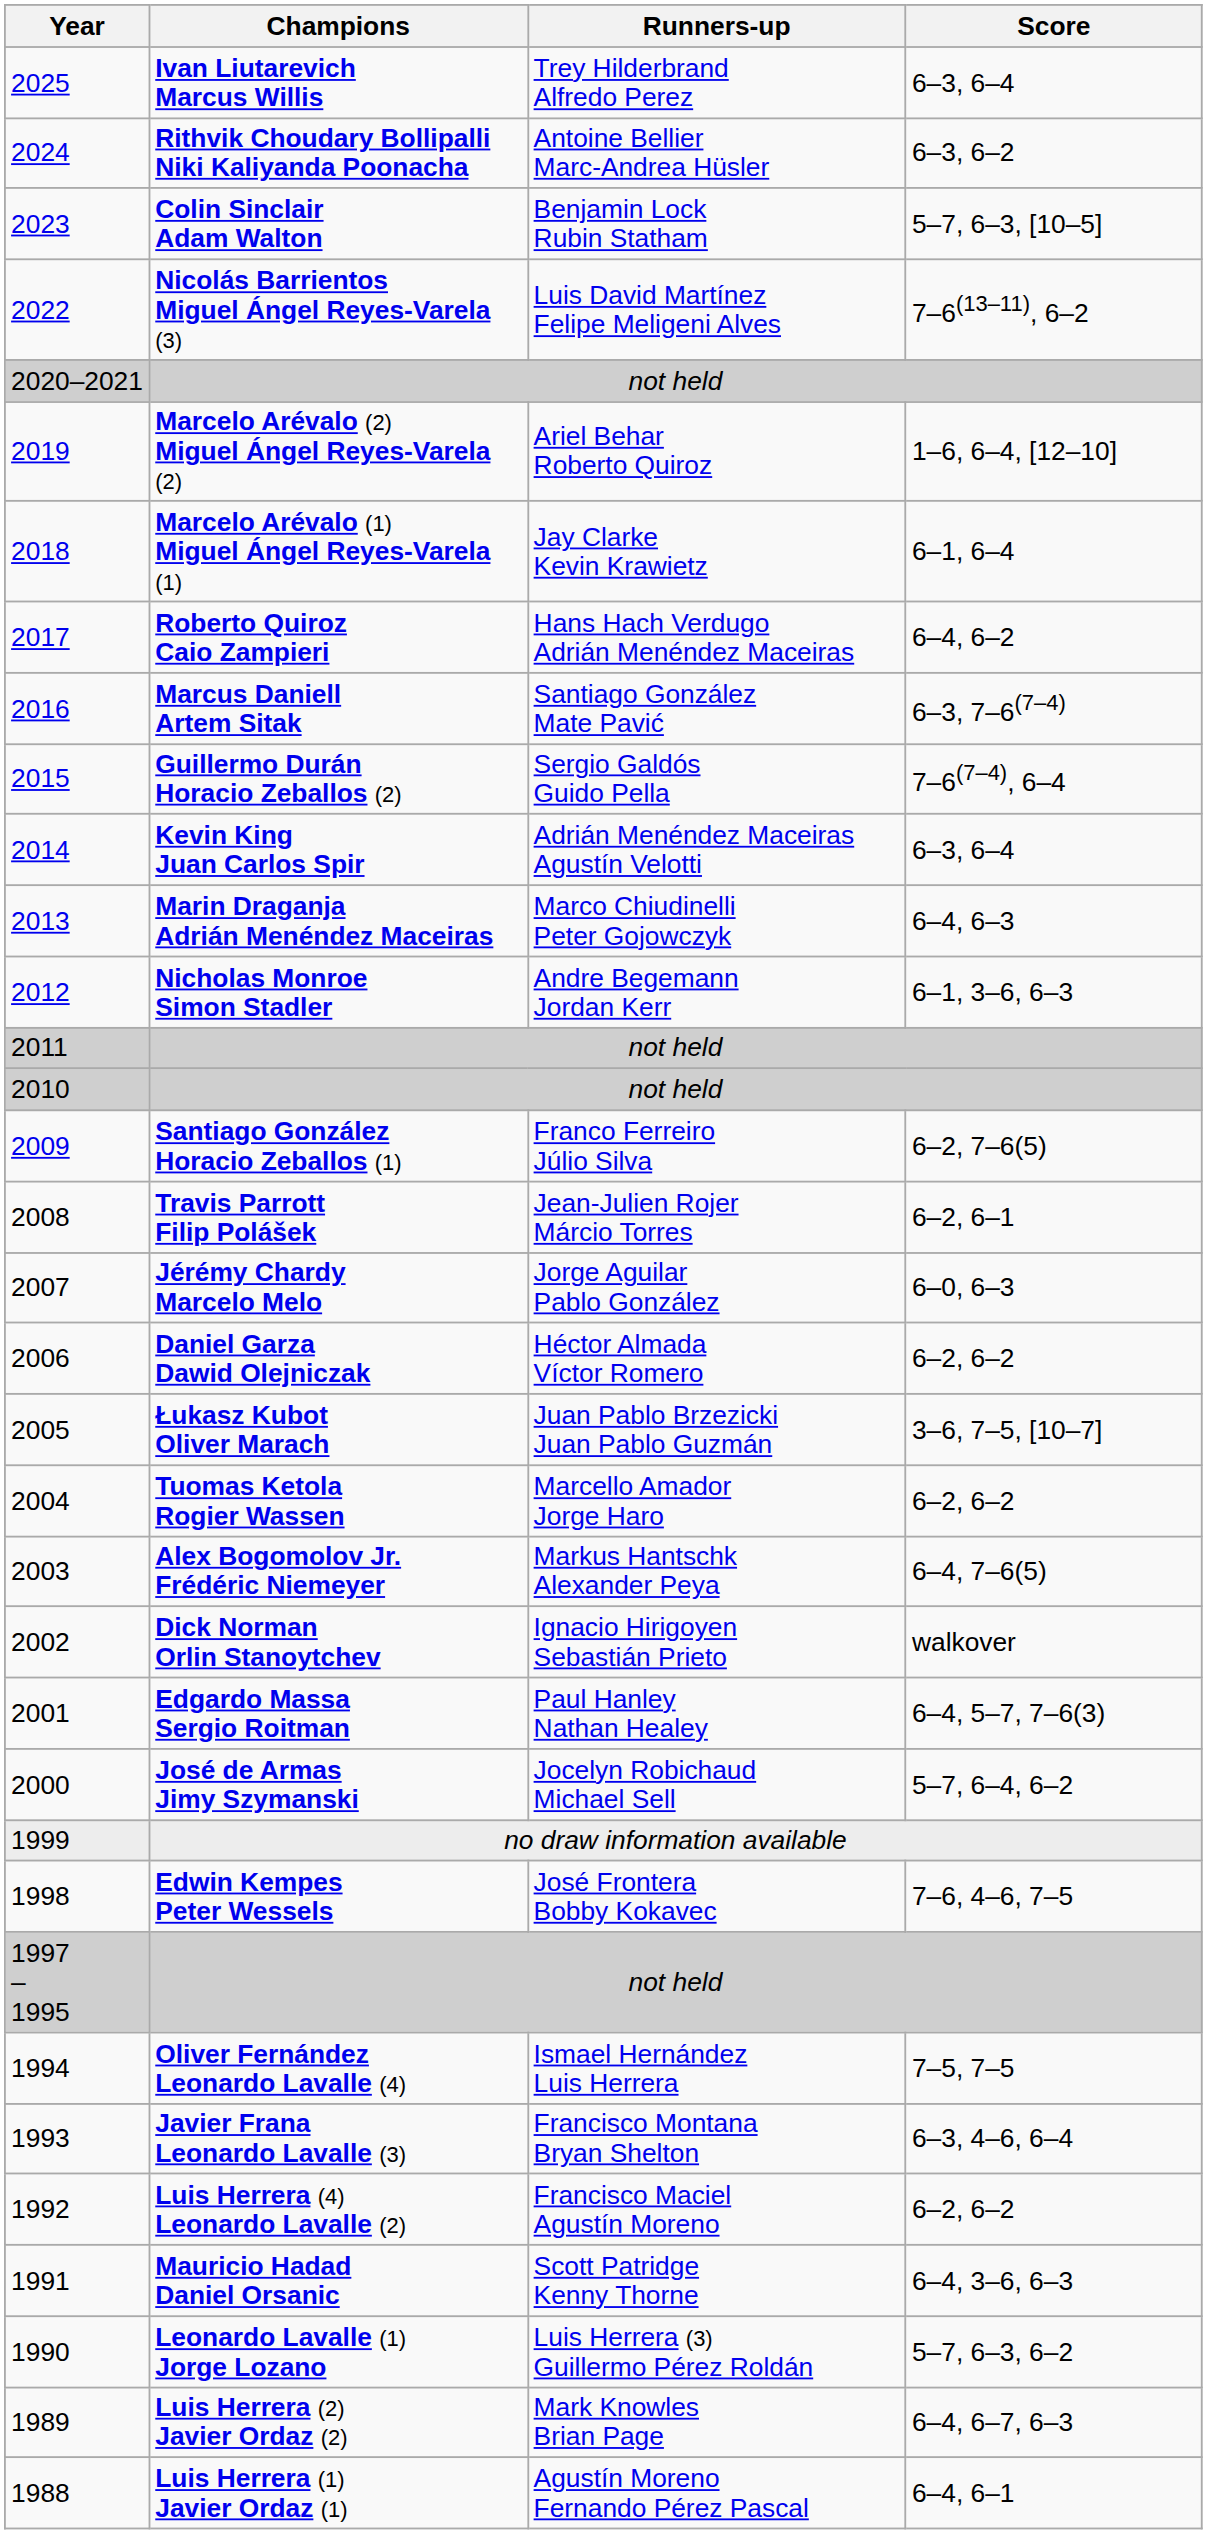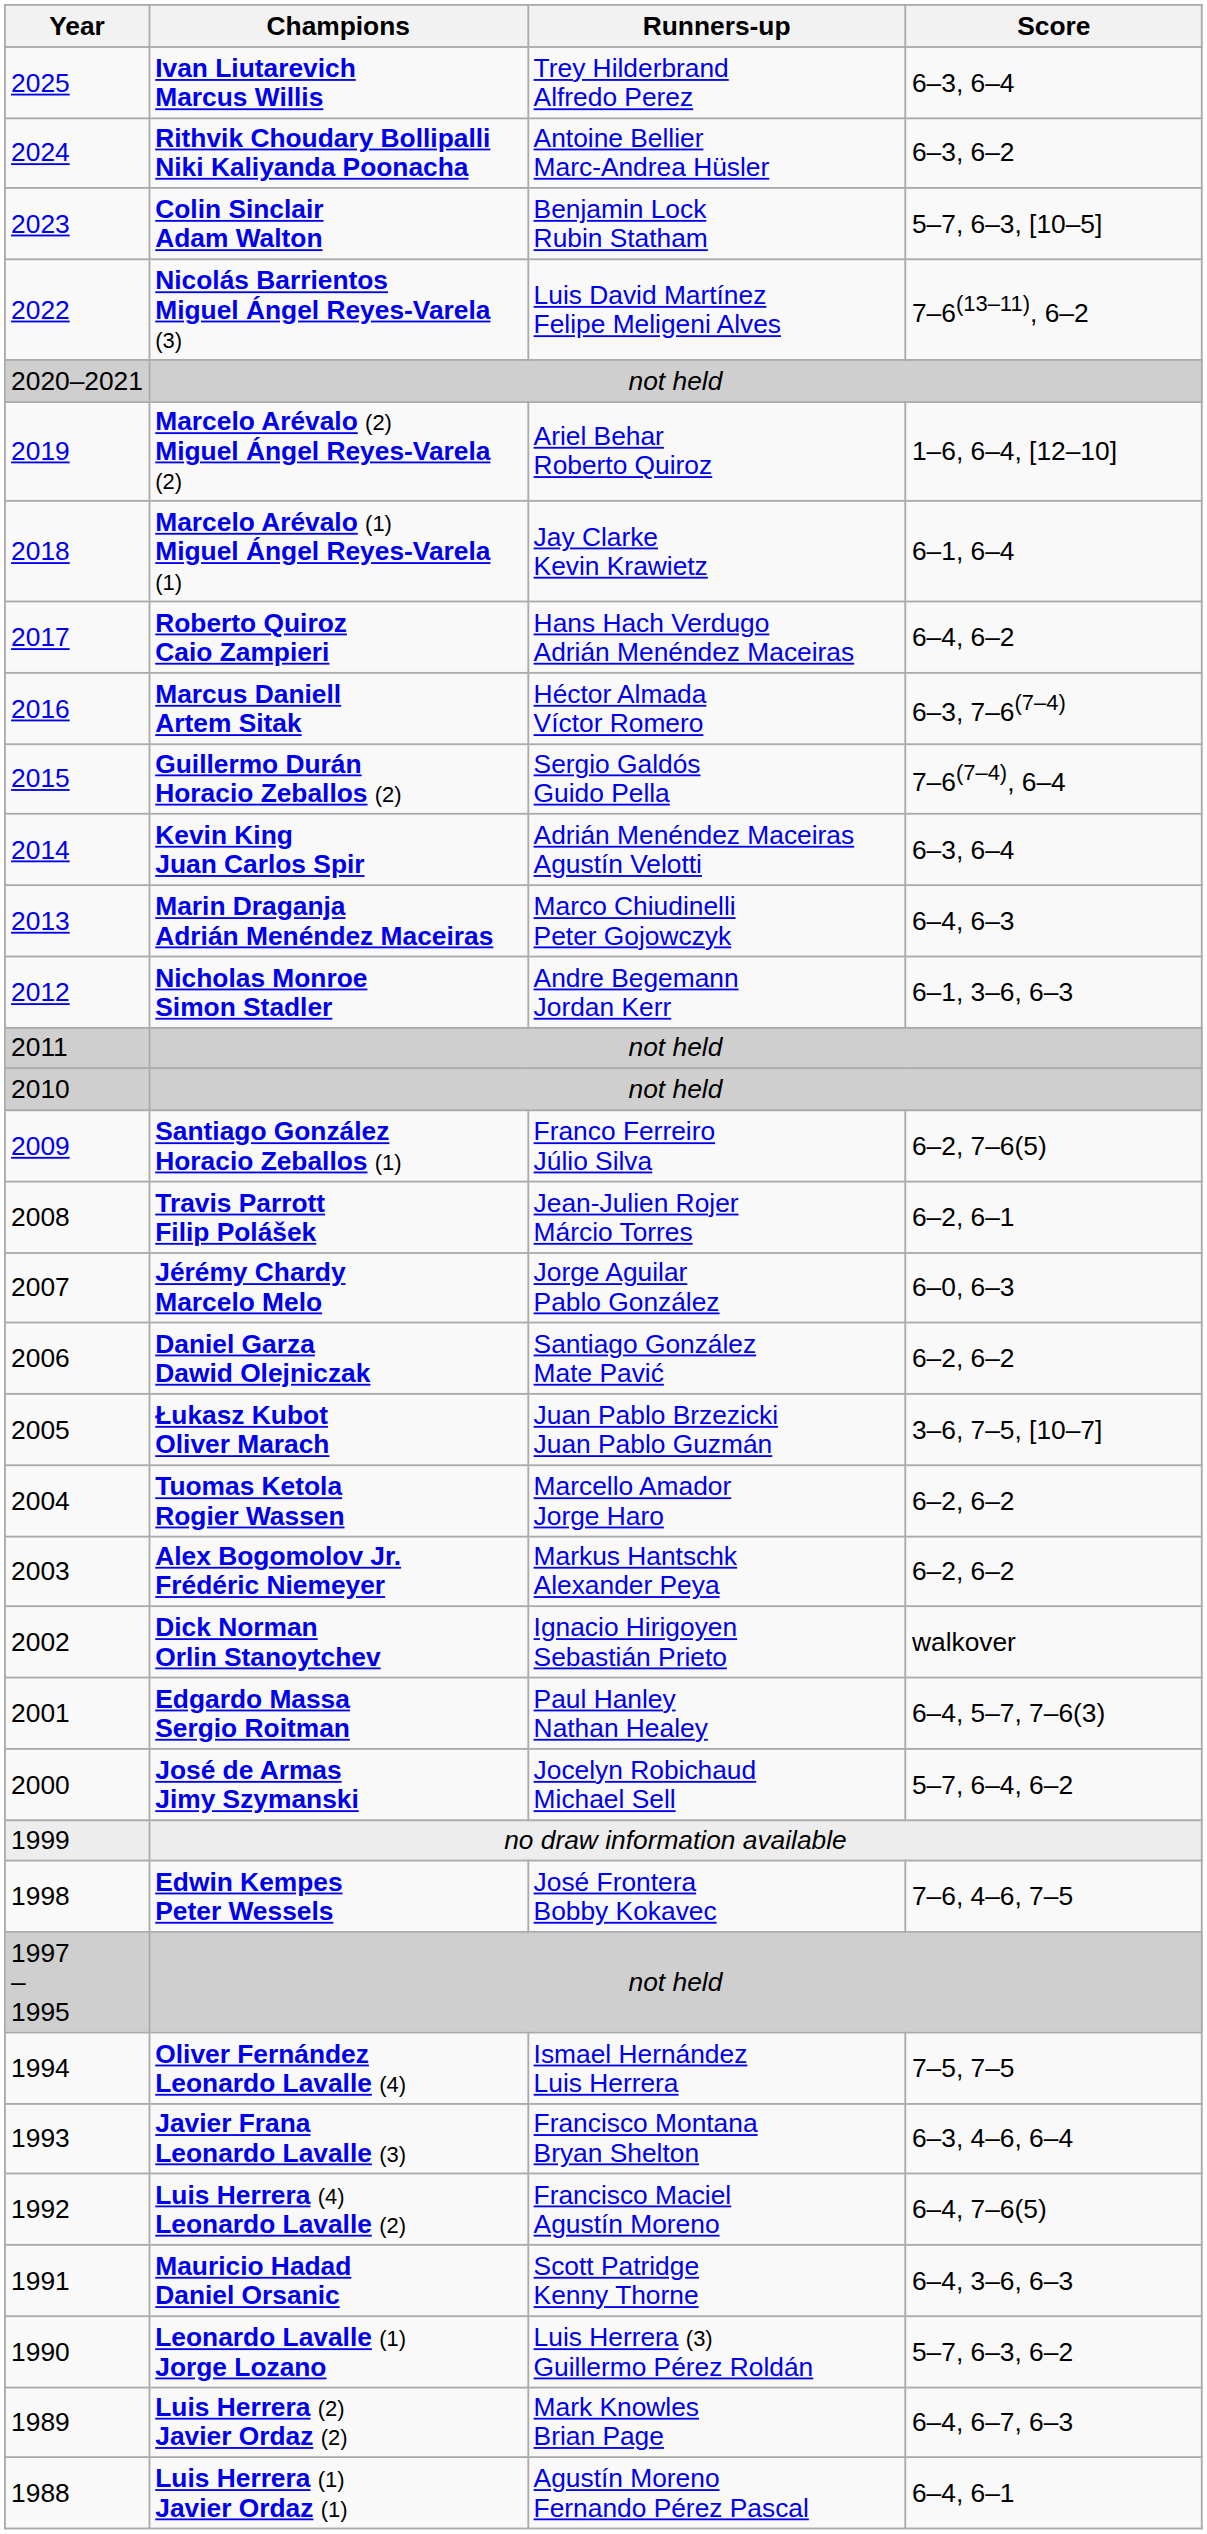 <table class="wikitable" style="font-size:90%">
 <tr>
 <th>Year</th>
 <th width="200">Champions</th>
 <th width="200">Runners-up</th>
 <th width="155">Score</th>
 </tr>
 <tr>
 <td><a href='#'>2025</a></td>
 <td> <strong><a href='#'>Ivan Liutarevich</a></strong><br> <strong><a href='#'>Marcus Willis</a></strong></td>
 <td> <a href='#'>Trey Hilderbrand</a><br> <a href='#'>Alfredo Perez</a></td>
 <td>6–3, 6–4</td>
 </tr>
 <tr>
 <td><a href='#'>2024</a></td>
 <td> <strong><a href='#'>Rithvik Choudary Bollipalli</a></strong><br> <strong><a href='#'>Niki Kaliyanda Poonacha</a></strong></td>
 <td> <a href='#'>Antoine Bellier</a><br> <a href='#'>Marc-Andrea Hüsler</a></td>
 <td>6–3, 6–2</td>
 </tr>
 <tr>
 <td><a href='#'>2023</a></td>
 <td> <strong><a href='#'>Colin Sinclair</a></strong><br> <strong><a href='#'>Adam Walton</a></strong></td>
 <td> <a href='#'>Benjamin Lock</a><br> <a href='#'>Rubin Statham</a></td>
 <td>5–7, 6–3, [10–5]</td>
 </tr>
 <tr>
 <td><a href='#'>2022</a></td>
 <td> <strong><a href='#'>Nicolás Barrientos</a></strong><br> <strong><a href='#'>Miguel Ángel Reyes-Varela</a></strong> <small>(3)</small></td>
 <td> <a href='#'>Luis David Martínez</a><br> <a href='#'>Felipe Meligeni Alves</a></td>
 <td>7–6<sup>(13–11)</sup>, 6–2</td>
 </tr>
 <tr>
 <td style="background:#cfcfcf">2020–2021</td>
 <td colspan=3 align=center style="background:#cfcfcf"><em>not held</em></td>
 </tr>
 <tr>
 <td><a href='#'>2019</a></td>
 <td> <strong><a href='#'>Marcelo Arévalo</a></strong> <small>(2)</small><br> <strong><a href='#'>Miguel Ángel Reyes-Varela</a></strong> <small>(2)</small></td>
 <td> <a href='#'>Ariel Behar</a><br> <a href='#'>Roberto Quiroz</a></td>
 <td>1–6, 6–4, [12–10]</td>
 </tr>
 <tr>
 <td><a href='#'>2018</a></td>
 <td> <strong><a href='#'>Marcelo Arévalo</a></strong> <small>(1)</small><br> <strong><a href='#'>Miguel Ángel Reyes-Varela</a></strong> <small>(1)</small></td>
 <td> <a href='#'>Jay Clarke</a><br> <a href='#'>Kevin Krawietz</a></td>
 <td>6–1, 6–4</td>
 </tr>
 <tr>
 <td><a href='#'>2017</a></td>
 <td> <strong><a href='#'>Roberto Quiroz</a></strong><br> <strong><a href='#'>Caio Zampieri</a></strong></td>
 <td> <a href='#'>Hans Hach Verdugo</a><br> <a href='#'>Adrián Menéndez Maceiras</a></td>
 <td>6–4, 6–2</td>
 </tr>
 <tr>
 <td><a href='#'>2016</a></td>
 <td> <strong><a href='#'>Marcus Daniell</a></strong><br> <strong><a href='#'>Artem Sitak</a></strong></td>
-<td> <a href='#'>Santiago González</a><br> <a href='#'>Mate Pavić</a></td>
+<td> <a href='#'>Héctor Almada</a><br> <a href='#'>Víctor Romero</a></td>
 <td>6–3, 7–6<sup>(7–4)</sup></td>
 </tr>
 <tr>
 <td><a href='#'>2015</a></td>
 <td> <strong><a href='#'>Guillermo Durán</a></strong><br>  <strong><a href='#'>Horacio Zeballos</a></strong> <small>(2)</small></td>
 <td> <a href='#'>Sergio Galdós</a><br> <a href='#'>Guido Pella</a></td>
 <td>7–6<sup>(7–4)</sup>, 6–4</td>
 </tr>
 <tr>
 <td><a href='#'>2014</a></td>
 <td> <strong><a href='#'>Kevin King</a></strong><br> <strong><a href='#'>Juan Carlos Spir</a></strong></td>
 <td> <a href='#'>Adrián Menéndez Maceiras</a><br> <a href='#'>Agustín Velotti</a></td>
 <td>6–3, 6–4</td>
 </tr>
 <tr>
 <td><a href='#'>2013</a></td>
 <td> <strong><a href='#'>Marin Draganja</a></strong> <br> <strong><a href='#'>Adrián Menéndez Maceiras</a></strong></td>
 <td> <a href='#'>Marco Chiudinelli</a> <br>  <a href='#'>Peter Gojowczyk</a></td>
 <td>6–4, 6–3</td>
 </tr>
 <tr>
 <td><a href='#'>2012</a></td>
 <td> <strong><a href='#'>Nicholas Monroe</a></strong> <br> <strong><a href='#'>Simon Stadler</a></strong></td>
 <td> <a href='#'>Andre Begemann</a> <br>  <a href='#'>Jordan Kerr</a></td>
 <td>6–1, 3–6, 6–3</td>
 </tr>
 <tr>
 <td style="background:#cfcfcf">2011</td>
 <td colspan=3 align=center style="background:#cfcfcf"><em>not held</em></td>
 </tr>
 <tr>
 <td style="background:#cfcfcf">2010</td>
 <td colspan=3 align=center style="background:#cfcfcf"><em>not held</em></td>
 </tr>
 <tr>
 <td><a href='#'>2009</a></td>
 <td> <strong><a href='#'>Santiago González</a></strong><br> <strong><a href='#'>Horacio Zeballos</a></strong> <small>(1)</small></td>
 <td> <a href='#'>Franco Ferreiro</a><br> <a href='#'>Júlio Silva</a></td>
 <td>6–2, 7–6(5)</td>
 </tr>
 <tr>
 <td>2008</td>
 <td> <strong><a href='#'>Travis Parrott</a></strong><br> <strong><a href='#'>Filip Polášek</a></strong></td>
 <td> <a href='#'>Jean-Julien Rojer</a><br> <a href='#'>Márcio Torres</a></td>
 <td>6–2, 6–1</td>
 </tr>
 <tr>
 <td>2007</td>
 <td> <strong><a href='#'>Jérémy Chardy</a></strong><br> <strong><a href='#'>Marcelo Melo</a></strong></td>
 <td> <a href='#'>Jorge Aguilar</a><br> <a href='#'>Pablo González</a></td>
 <td>6–0, 6–3</td>
 </tr>
 <tr>
 <td>2006</td>
 <td> <strong><a href='#'>Daniel Garza</a></strong><br> <strong><a href='#'>Dawid Olejniczak</a></strong></td>
-<td> <a href='#'>Héctor Almada</a><br> <a href='#'>Víctor Romero</a></td>
+<td> <a href='#'>Santiago González</a><br> <a href='#'>Mate Pavić</a></td>
 <td>6–2, 6–2</td>
 </tr>
 <tr>
 <td>2005</td>
 <td> <strong><a href='#'>Łukasz Kubot</a></strong><br> <strong><a href='#'>Oliver Marach</a></strong></td>
 <td> <a href='#'>Juan Pablo Brzezicki</a><br> <a href='#'>Juan Pablo Guzmán</a></td>
 <td>3–6, 7–5, [10–7]</td>
 </tr>
 <tr>
 <td>2004</td>
 <td> <strong><a href='#'>Tuomas Ketola</a></strong><br> <strong><a href='#'>Rogier Wassen</a></strong></td>
 <td> <a href='#'>Marcello Amador</a><br> <a href='#'>Jorge Haro</a></td>
 <td>6–2, 6–2</td>
 </tr>
 <tr>
 <td>2003</td>
 <td> <strong><a href='#'>Alex Bogomolov Jr.</a></strong><br> <strong><a href='#'>Frédéric Niemeyer</a></strong></td>
 <td> <a href='#'>Markus Hantschk</a><br> <a href='#'>Alexander Peya</a></td>
-<td>6–4, 7–6(5)</td>
+<td>6–2, 6–2</td>
 </tr>
 <tr>
 <td>2002</td>
 <td> <strong><a href='#'>Dick Norman</a></strong> <br> <strong><a href='#'>Orlin Stanoytchev</a></strong></td>
 <td> <a href='#'>Ignacio Hirigoyen</a><br> <a href='#'>Sebastián Prieto</a></td>
 <td>walkover</td>
 </tr>
 <tr>
 <td>2001</td>
 <td> <strong><a href='#'>Edgardo Massa</a></strong><br> <strong><a href='#'>Sergio Roitman</a></strong></td>
 <td> <a href='#'>Paul Hanley</a><br> <a href='#'>Nathan Healey</a></td>
 <td>6–4, 5–7, 7–6(3)</td>
 </tr>
 <tr>
 <td>2000</td>
 <td> <strong><a href='#'>José de Armas</a></strong><br> <strong><a href='#'>Jimy Szymanski</a></strong></td>
 <td> <a href='#'>Jocelyn Robichaud</a><br> <a href='#'>Michael Sell</a></td>
 <td>5–7, 6–4, 6–2</td>
 </tr>
 <tr>
 <td style="background:#ededed">1999</td>
 <td colspan=3 align=center style="background:#ededed"><em>no draw information available</em></td>
 </tr>
 <tr>
 <td>1998</td>
 <td> <strong><a href='#'>Edwin Kempes</a></strong><br> <strong><a href='#'>Peter Wessels</a></strong></td>
 <td> <a href='#'>José Frontera</a><br> <a href='#'>Bobby Kokavec</a></td>
 <td>7–6, 4–6, 7–5</td>
 </tr>
 <tr>
 <td style="background:#cfcfcf">1997<br>–<br>1995</td>
 <td colspan=3 align=center style="background:#cfcfcf"><em>not held</em></td>
 </tr>
 <tr>
 <td>1994</td>
 <td> <strong><a href='#'>Oliver Fernández</a></strong><br> <strong><a href='#'>Leonardo Lavalle</a></strong> <small>(4)</small></td>
 <td> <a href='#'>Ismael Hernández</a><br> <a href='#'>Luis Herrera</a></td>
 <td>7–5, 7–5</td>
 </tr>
 <tr>
 <td>1993</td>
 <td> <strong><a href='#'>Javier Frana</a></strong><br> <strong><a href='#'>Leonardo Lavalle</a></strong> <small>(3)</small></td>
 <td> <a href='#'>Francisco Montana</a><br> <a href='#'>Bryan Shelton</a></td>
 <td>6–3, 4–6, 6–4</td>
 </tr>
 <tr>
 <td>1992</td>
 <td> <strong><a href='#'>Luis Herrera</a></strong> <small>(4)</small><br> <strong><a href='#'>Leonardo Lavalle</a></strong> <small>(2)</small></td>
 <td> <a href='#'>Francisco Maciel</a><br> <a href='#'>Agustín Moreno</a></td>
-<td>6–2, 6–2</td>
+<td>6–4, 7–6(5)</td>
 </tr>
 <tr>
 <td>1991</td>
 <td> <strong><a href='#'>Mauricio Hadad</a></strong><br> <strong><a href='#'>Daniel Orsanic</a></strong></td>
 <td> <a href='#'>Scott Patridge</a><br> <a href='#'>Kenny Thorne</a></td>
 <td>6–4, 3–6, 6–3</td>
 </tr>
 <tr>
 <td>1990</td>
 <td> <strong><a href='#'>Leonardo Lavalle</a></strong> <small>(1)</small><br> <strong><a href='#'>Jorge Lozano</a></strong></td>
 <td> <a href='#'>Luis Herrera</a> <small>(3)</small><br> <a href='#'>Guillermo Pérez Roldán</a></td>
 <td>5–7, 6–3, 6–2</td>
 </tr>
 <tr>
 <td>1989</td>
 <td> <strong><a href='#'>Luis Herrera</a></strong> <small>(2)</small><br> <strong><a href='#'>Javier Ordaz</a></strong> <small>(2)</small></td>
 <td> <a href='#'>Mark Knowles</a><br> <a href='#'>Brian Page</a></td>
 <td>6–4, 6–7, 6–3</td>
 </tr>
 <tr>
 <td>1988</td>
 <td> <strong><a href='#'>Luis Herrera</a></strong> <small>(1)</small><br> <strong><a href='#'>Javier Ordaz</a></strong> <small>(1)</small></td>
 <td> <a href='#'>Agustín Moreno</a><br> <a href='#'>Fernando Pérez Pascal</a></td>
 <td>6–4, 6–1</td>
 </tr>
 </table>
